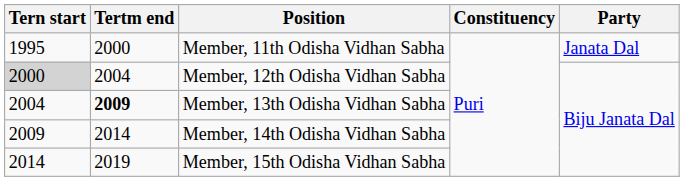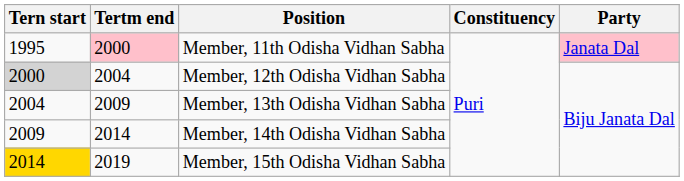 <table class="wikitable sortable">
 <tr>
 <th>Tern start</th>
 <th>Tertm end</th>
 <th>Position</th>
 <th>Constituency</th>
 <th>Party</th>
 </tr>
 <tr>
 <td>1995</td>
-<td>2000</td>
+<td style="background: pink;">2000</td>
 <td>Member, 11th Odisha Vidhan Sabha</td>
 <td rowspan="5"><a href='#'>Puri</a></td>
-<td><a href='#'>Janata Dal</a></td>
+<td style="background: pink;"><a href='#'>Janata Dal</a></td>
 </tr>
 <tr>
 <td style="background: lightgrey;">2000</td>
 <td>2004</td>
 <td>Member, 12th Odisha Vidhan Sabha</td>
 <td rowspan="4"><a href='#'>Biju Janata Dal</a></td>
 </tr>
 <tr>
 <td>2004</td>
-<td><strong>2009</strong></td>
+<td>2009</td>
 <td>Member, 13th Odisha Vidhan Sabha</td>
 </tr>
 <tr>
 <td>2009</td>
 <td>2014</td>
 <td>Member, 14th Odisha Vidhan Sabha</td>
 </tr>
 <tr>
-<td>2014</td>
+<td style="background: gold;">2014</td>
 <td>2019</td>
 <td>Member, 15th Odisha Vidhan Sabha</td>
 </tr>
 </table>
